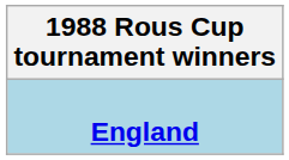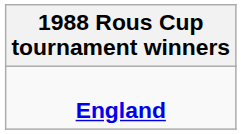 <table class="wikitable" style="text-align: center; margin: 0 auto;">
 <tr>
 <th>1988 Rous Cup <br>tournament winners</th>
 </tr>
 <tr>
-<td style="background: lightblue;"><br><strong><a href='#'>England</a></strong></td>
+<td><br><strong><a href='#'>England</a></strong></td>
 </tr>
 </table>
